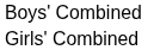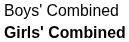 <table>
 <tr>
 <td>Boys' Combined<br></td>
 <td></td>
 <td></td>
 <td></td>
 </tr>
 <tr>
-<td>Girls' Combined<br></td>
+<td><strong>Girls' Combined<br></strong></td>
 <td></td>
 <td></td>
 <td></td>
 </tr>
 </table>
